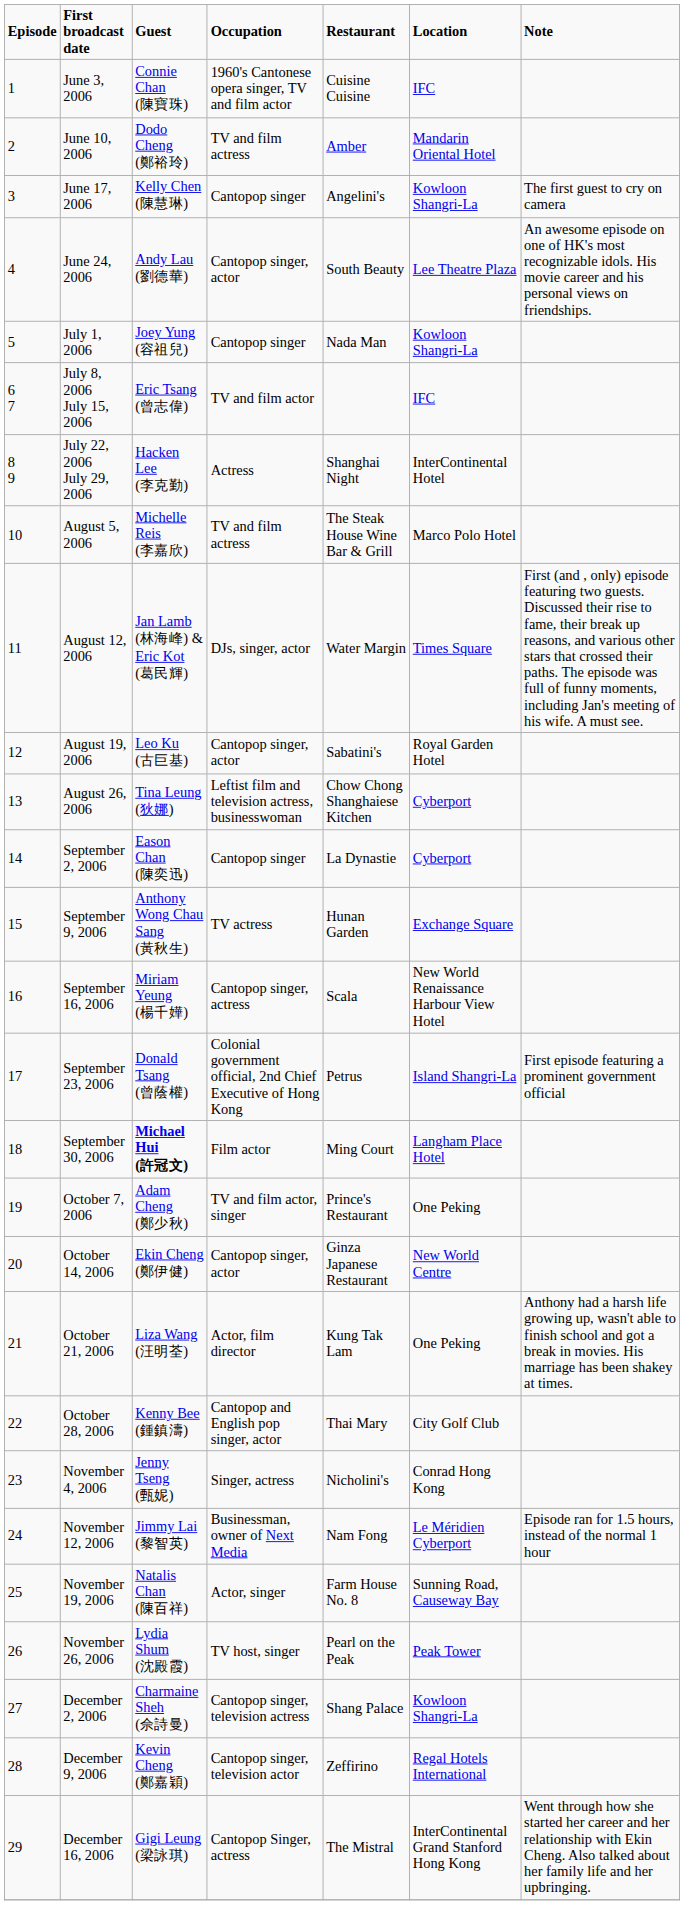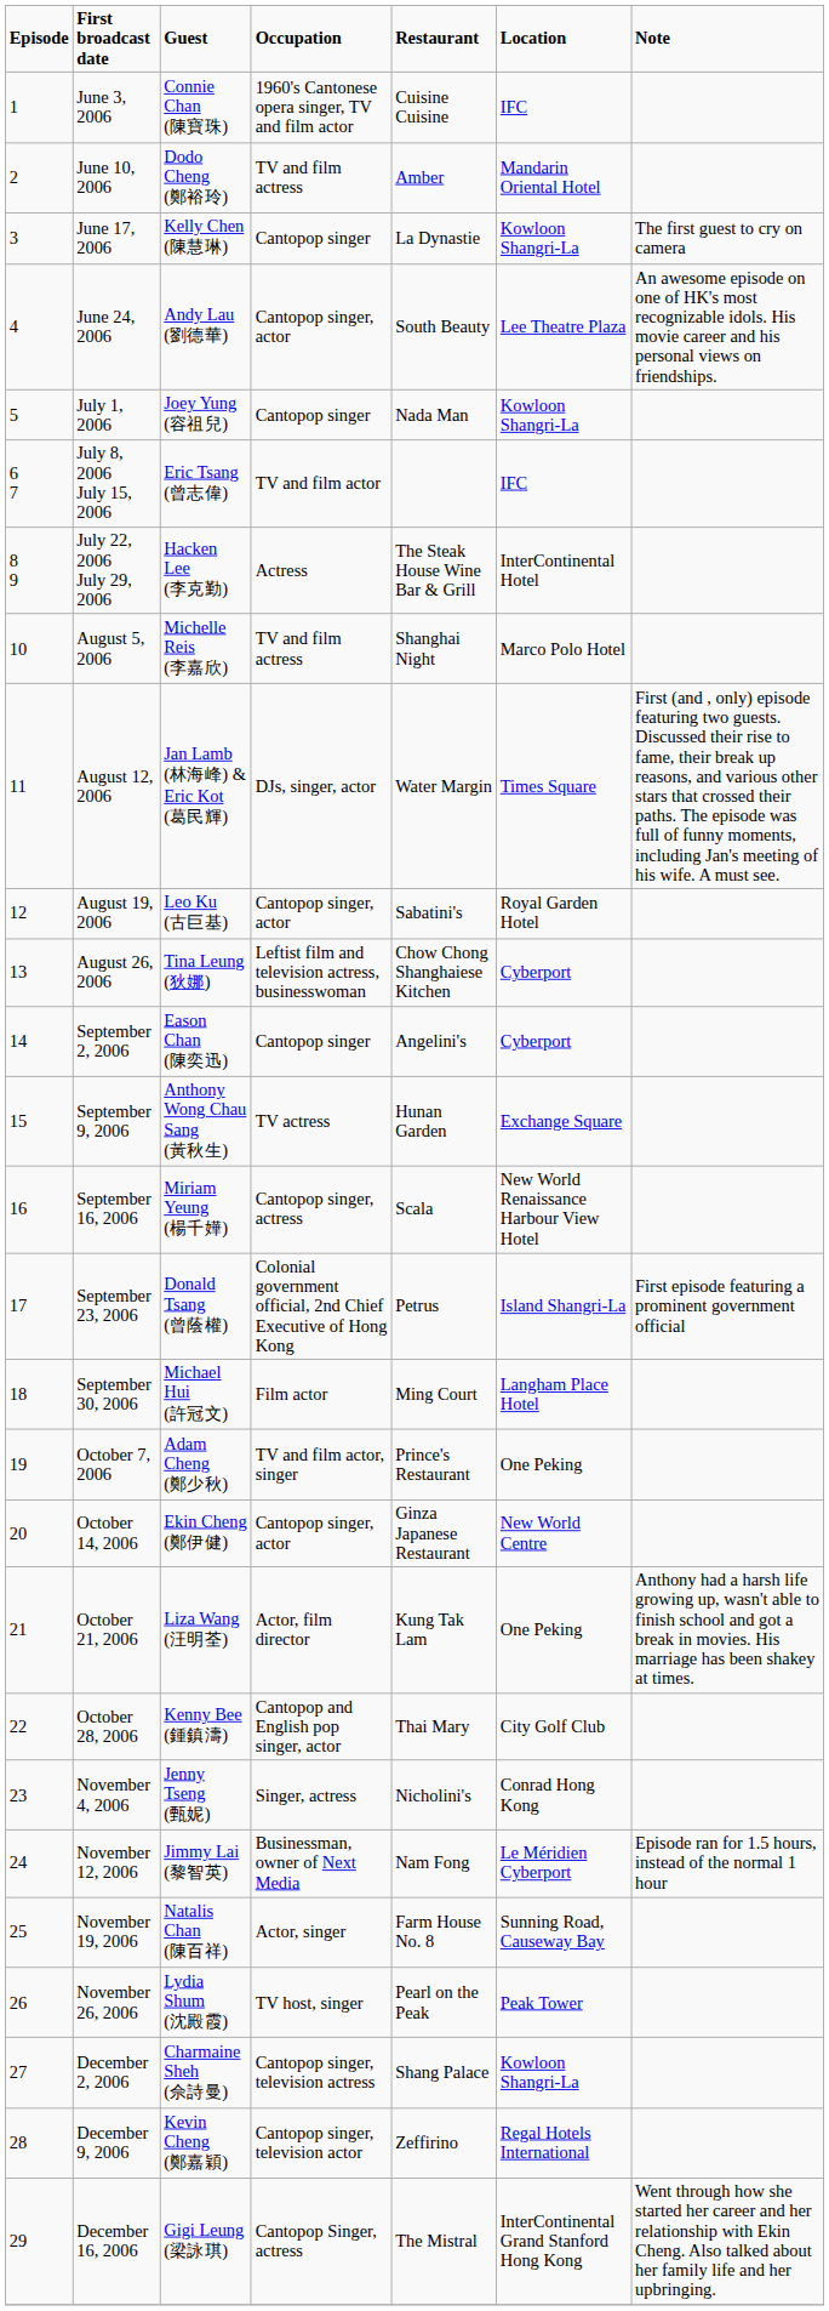 <table class="wikitable" style="width:85%">
 <tr>
 <td><strong>Episode</strong></td>
 <td><strong>First broadcast date</strong></td>
 <td><strong>Guest</strong></td>
 <td><strong>Occupation</strong></td>
 <td><strong>Restaurant</strong></td>
 <td><strong>Location</strong></td>
 <td><strong>Note</strong></td>
 </tr>
 <tr>
 <td>1</td>
 <td>June 3, 2006</td>
 <td><a href='#'>Connie Chan</a><br> (陳寶珠)</td>
 <td>1960's Cantonese opera singer, TV and film actor</td>
 <td>Cuisine Cuisine</td>
 <td><a href='#'>IFC</a></td>
 <td></td>
 </tr>
 <tr>
 <td>2</td>
 <td>June 10, 2006</td>
 <td><a href='#'>Dodo Cheng</a><br> (鄭裕玲)</td>
 <td>TV and film actress</td>
 <td><a href='#'>Amber</a></td>
 <td><a href='#'>Mandarin Oriental Hotel</a></td>
 <td></td>
 </tr>
 <tr>
 <td>3</td>
 <td>June 17, 2006</td>
 <td><a href='#'>Kelly Chen</a><br> (陳慧琳)</td>
 <td>Cantopop singer</td>
-<td>Angelini's</td>
+<td>La Dynastie</td>
 <td><a href='#'>Kowloon Shangri-La</a></td>
 <td>The first guest to cry on camera</td>
 </tr>
 <tr>
 <td>4</td>
 <td>June 24, 2006</td>
 <td><a href='#'>Andy Lau</a><br> (劉德華)</td>
 <td>Cantopop singer, actor</td>
 <td>South Beauty</td>
 <td><a href='#'>Lee Theatre Plaza</a></td>
 <td>An awesome episode on one of HK's most recognizable idols.  His movie career and his personal views on friendships.</td>
 </tr>
 <tr>
 <td>5</td>
 <td>July 1, 2006</td>
 <td><a href='#'>Joey Yung</a><br> (容祖兒)</td>
 <td>Cantopop singer</td>
 <td>Nada Man</td>
 <td><a href='#'>Kowloon Shangri-La</a></td>
 <td></td>
 </tr>
 <tr>
 <td>6<br>7</td>
 <td>July 8, 2006<br>July 15, 2006</td>
 <td><a href='#'>Eric Tsang</a><br> (曾志偉)</td>
 <td>TV and film actor</td>
 <td></td>
 <td><a href='#'>IFC</a></td>
 <td></td>
 </tr>
 <tr>
 <td>8<br>9</td>
 <td>July 22, 2006<br>July 29, 2006</td>
 <td><a href='#'>Hacken Lee</a><br> (李克勤)</td>
 <td>Actress</td>
-<td>Shanghai Night</td>
+<td>The Steak House Wine Bar & Grill</td>
 <td>InterContinental Hotel</td>
 <td></td>
 </tr>
 <tr>
 <td>10</td>
 <td>August 5, 2006</td>
 <td><a href='#'>Michelle Reis</a><br> (李嘉欣)</td>
 <td>TV and film actress</td>
-<td>The Steak House Wine Bar & Grill</td>
+<td>Shanghai Night</td>
 <td>Marco Polo Hotel</td>
 </tr>
 <tr>
 <td>11</td>
 <td>August 12, 2006</td>
 <td><a href='#'>Jan Lamb</a><br> (林海峰) &<br><a href='#'>Eric Kot</a><br> (葛民輝)</td>
 <td>DJs, singer, actor</td>
 <td>Water Margin</td>
 <td><a href='#'>Times Square</a></td>
 <td>First (and , only) episode featuring two guests.  Discussed their rise to fame, their break up reasons, and various other stars that crossed their paths.  The episode was full of funny moments, including Jan's meeting of his wife.  A must see.</td>
 </tr>
 <tr>
 <td>12</td>
 <td>August 19, 2006</td>
 <td><a href='#'>Leo Ku</a><br> (古巨基)</td>
 <td>Cantopop singer, actor</td>
 <td>Sabatini's</td>
 <td>Royal Garden Hotel</td>
 <td></td>
 </tr>
 <tr>
 <td>13</td>
 <td>August 26, 2006</td>
 <td><a href='#'>Tina Leung</a><br> (<a href='#'>狄娜</a>)</td>
 <td>Leftist film and television actress, businesswoman</td>
 <td>Chow Chong Shanghaiese Kitchen</td>
 <td><a href='#'>Cyberport</a></td>
 </tr>
 <tr>
 <td>14</td>
 <td>September 2, 2006</td>
 <td><a href='#'>Eason Chan</a><br> (陳奕迅)</td>
 <td>Cantopop singer</td>
-<td>La Dynastie</td>
+<td>Angelini's</td>
 <td><a href='#'>Cyberport</a></td>
 <td></td>
 </tr>
 <tr>
 <td>15</td>
 <td>September 9, 2006</td>
 <td><a href='#'>Anthony Wong Chau Sang</a><br> (黃秋生)</td>
 <td>TV actress</td>
 <td>Hunan Garden</td>
 <td><a href='#'>Exchange Square</a></td>
 <td></td>
 </tr>
 <tr>
 <td>16</td>
 <td>September 16, 2006</td>
 <td><a href='#'>Miriam Yeung</a><br> (楊千嬅)</td>
 <td>Cantopop singer, actress</td>
 <td>Scala</td>
 <td>New World Renaissance Harbour View Hotel</td>
 <td></td>
 </tr>
 <tr>
 <td>17</td>
 <td>September 23, 2006</td>
 <td><a href='#'>Donald Tsang</a><br> (曾蔭權)</td>
 <td>Colonial government official, 2nd Chief Executive of Hong Kong</td>
 <td>Petrus</td>
 <td><a href='#'>Island Shangri-La</a></td>
 <td>First episode featuring a prominent government official</td>
 </tr>
 <tr>
 <td>18</td>
 <td>September 30, 2006</td>
-<td><strong><a href='#'>Michael Hui</a><br> (許冠文)</strong></td>
+<td><a href='#'>Michael Hui</a><br> (許冠文)</td>
 <td>Film actor</td>
 <td>Ming Court</td>
 <td><a href='#'>Langham Place Hotel</a></td>
 <td></td>
 </tr>
 <tr>
 <td>19</td>
 <td>October 7, 2006</td>
 <td><a href='#'>Adam Cheng</a><br> (鄭少秋)</td>
 <td>TV and film actor, singer</td>
 <td>Prince's Restaurant</td>
 <td>One Peking</td>
 <td></td>
 </tr>
 <tr>
 <td>20</td>
 <td>October 14, 2006</td>
 <td><a href='#'>Ekin Cheng</a><br> (鄭伊健)</td>
 <td>Cantopop singer, actor</td>
 <td>Ginza Japanese Restaurant</td>
 <td><a href='#'>New World Centre</a></td>
 <td></td>
 </tr>
 <tr>
 <td>21</td>
 <td>October 21, 2006</td>
 <td><a href='#'>Liza Wang</a><br> (汪明荃)</td>
 <td>Actor, film director</td>
 <td>Kung Tak Lam</td>
 <td>One Peking</td>
 <td>Anthony had a harsh life growing up, wasn't able to finish school and got a break in movies.  His marriage has been shakey at times.</td>
 </tr>
 <tr>
 <td>22</td>
 <td>October 28, 2006</td>
 <td><a href='#'>Kenny Bee</a><br> (鍾鎮濤)</td>
 <td>Cantopop and English pop singer, actor</td>
 <td>Thai Mary</td>
 <td>City Golf Club</td>
 <td></td>
 </tr>
 <tr>
 <td>23</td>
 <td>November 4, 2006</td>
 <td><a href='#'>Jenny Tseng</a><br> (甄妮)</td>
 <td>Singer, actress</td>
 <td>Nicholini's</td>
 <td>Conrad Hong Kong</td>
 <td></td>
 </tr>
 <tr>
 <td>24</td>
 <td>November 12, 2006</td>
 <td><a href='#'>Jimmy Lai</a><br> (黎智英)</td>
 <td>Businessman, owner of <a href='#'>Next Media</a></td>
 <td>Nam Fong</td>
 <td><a href='#'>Le Méridien Cyberport</a></td>
 <td>Episode ran for 1.5 hours, instead of the normal 1 hour</td>
 </tr>
 <tr>
 <td>25</td>
 <td>November 19, 2006</td>
 <td><a href='#'>Natalis Chan</a><br> (陳百祥)</td>
 <td>Actor, singer</td>
 <td>Farm House No. 8</td>
 <td>Sunning Road, <a href='#'>Causeway Bay</a></td>
 <td></td>
 </tr>
 <tr>
 <td>26</td>
 <td>November 26, 2006</td>
 <td><a href='#'>Lydia Shum</a><br> (沈殿霞)</td>
 <td>TV host, singer</td>
 <td>Pearl on the Peak</td>
 <td><a href='#'>Peak Tower</a></td>
 <td></td>
 </tr>
 <tr>
 <td>27</td>
 <td>December 2, 2006</td>
 <td><a href='#'>Charmaine Sheh</a><br> (佘詩曼)</td>
 <td>Cantopop singer, television actress</td>
 <td>Shang Palace</td>
 <td><a href='#'>Kowloon Shangri-La</a></td>
 <td></td>
 </tr>
 <tr>
 <td>28</td>
 <td>December 9, 2006</td>
 <td><a href='#'>Kevin Cheng</a><br> (鄭嘉穎)</td>
 <td>Cantopop singer, television actor</td>
 <td>Zeffirino</td>
 <td><a href='#'>Regal Hotels International</a></td>
 <td></td>
 </tr>
 <tr>
 <td>29</td>
 <td>December 16, 2006</td>
 <td><a href='#'>Gigi Leung</a><br> (梁詠琪)</td>
 <td>Cantopop Singer, actress</td>
 <td>The Mistral</td>
 <td>InterContinental Grand Stanford Hong Kong</td>
 <td>Went through how she started her career and her relationship with Ekin Cheng.  Also talked about her family life and her upbringing.</td>
 </tr>
 <tr>
 </tr>
 </table>
